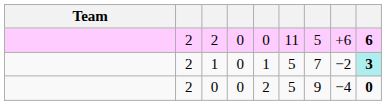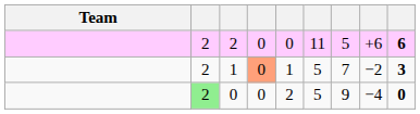 <table class="wikitable" style="text-align: center;">
 <tr>
 <th width="175">Team</th>
 <th width="20"></th>
 <th width="20"></th>
 <th width="20"></th>
 <th width="20"></th>
 <th width="20"></th>
 <th width="20"></th>
 <th width="20"></th>
 <th width="20"></th>
 </tr>
 <tr bgcolor="#ffccff">
 <td align=left></td>
 <td>2</td>
 <td>2</td>
 <td>0</td>
 <td>0</td>
 <td>11</td>
 <td>5</td>
 <td>+6</td>
 <td><strong>6</strong></td>
 </tr>
 <tr>
 <td align=left></td>
 <td>2</td>
 <td>1</td>
-<td>0</td>
+<td style="background: lightsalmon;">0</td>
 <td>1</td>
 <td>5</td>
 <td>7</td>
 <td>−2</td>
-<td style="background: paleturquoise;"><strong>3</strong></td>
+<td><strong>3</strong></td>
 </tr>
 <tr>
 <td align=left></td>
-<td>2</td>
+<td style="background: lightgreen;">2</td>
 <td>0</td>
 <td>0</td>
 <td>2</td>
 <td>5</td>
 <td>9</td>
 <td>−4</td>
 <td><strong>0</strong></td>
 </tr>
 </table>
